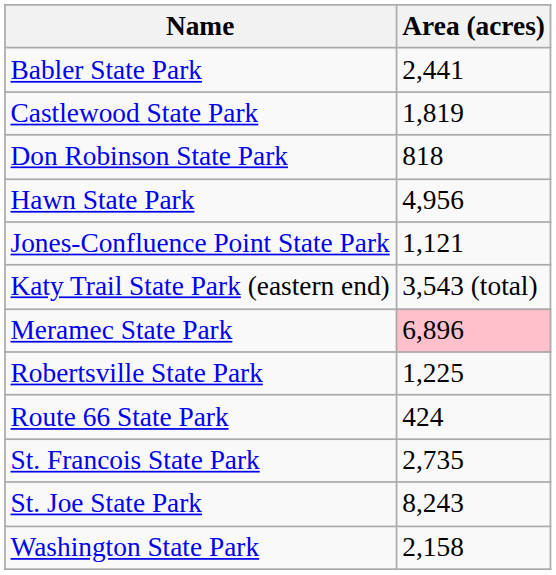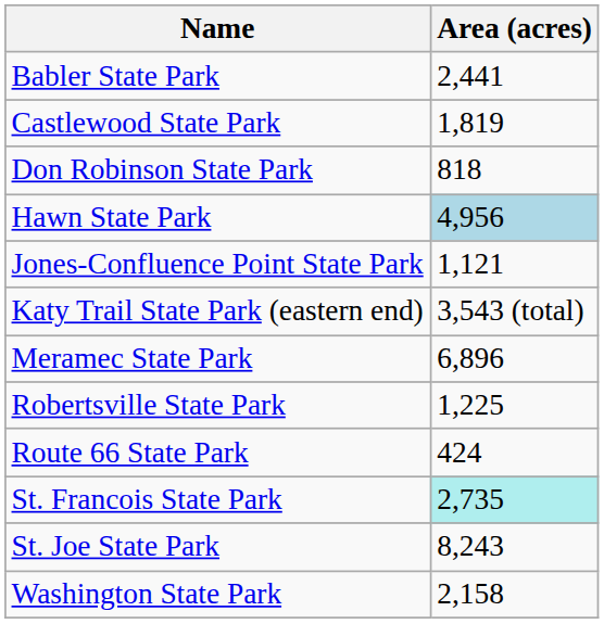 <table class="wikitable collapsible collapsed sortable" style="margin: 1em auto 1em auto;">
 <tr>
 <th>Name</th>
 <th>Area (acres)</th>
 </tr>
 <tr>
 <td><a href='#'>Babler State Park</a></td>
 <td>2,441</td>
 </tr>
 <tr>
 <td><a href='#'>Castlewood State Park</a></td>
 <td>1,819</td>
 </tr>
 <tr>
 <td><a href='#'>Don Robinson State Park</a></td>
 <td>818</td>
 </tr>
 <tr>
 <td><a href='#'>Hawn State Park</a></td>
-<td>4,956</td>
+<td style="background: lightblue;">4,956</td>
 </tr>
 <tr>
 <td><a href='#'>Jones-Confluence Point State Park</a></td>
 <td>1,121</td>
 </tr>
 <tr>
 <td><a href='#'>Katy Trail State Park</a> (eastern end)</td>
 <td>3,543 (total)</td>
 </tr>
 <tr>
 <td><a href='#'>Meramec State Park</a></td>
-<td style="background: pink;">6,896</td>
+<td>6,896</td>
 </tr>
 <tr>
 <td><a href='#'>Robertsville State Park</a></td>
 <td>1,225</td>
 </tr>
 <tr>
 <td><a href='#'>Route 66 State Park</a></td>
 <td>424</td>
 </tr>
 <tr>
 <td><a href='#'>St. Francois State Park</a></td>
-<td>2,735</td>
+<td style="background: paleturquoise;">2,735</td>
 </tr>
 <tr>
 <td><a href='#'>St. Joe State Park</a></td>
 <td>8,243</td>
 </tr>
 <tr>
 <td><a href='#'>Washington State Park</a></td>
 <td>2,158</td>
 </tr>
 </table>
